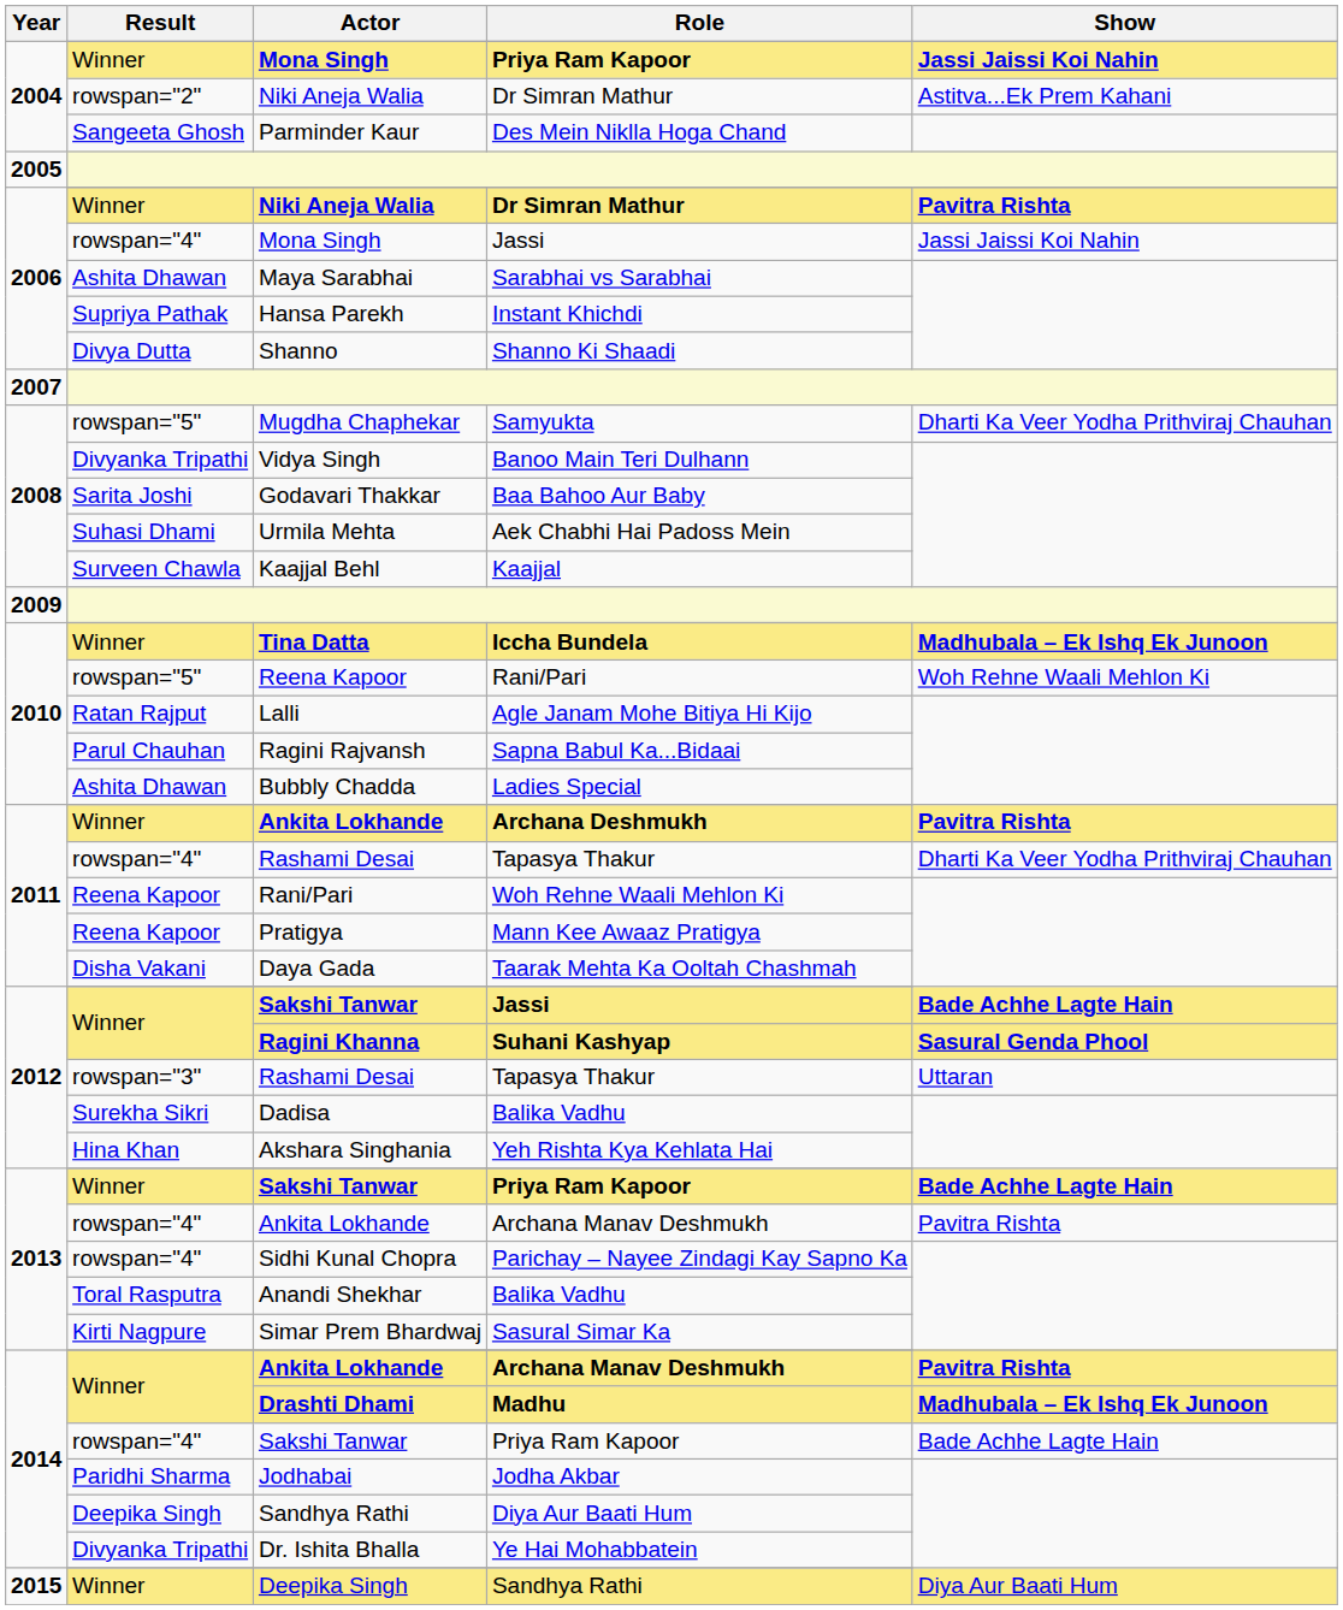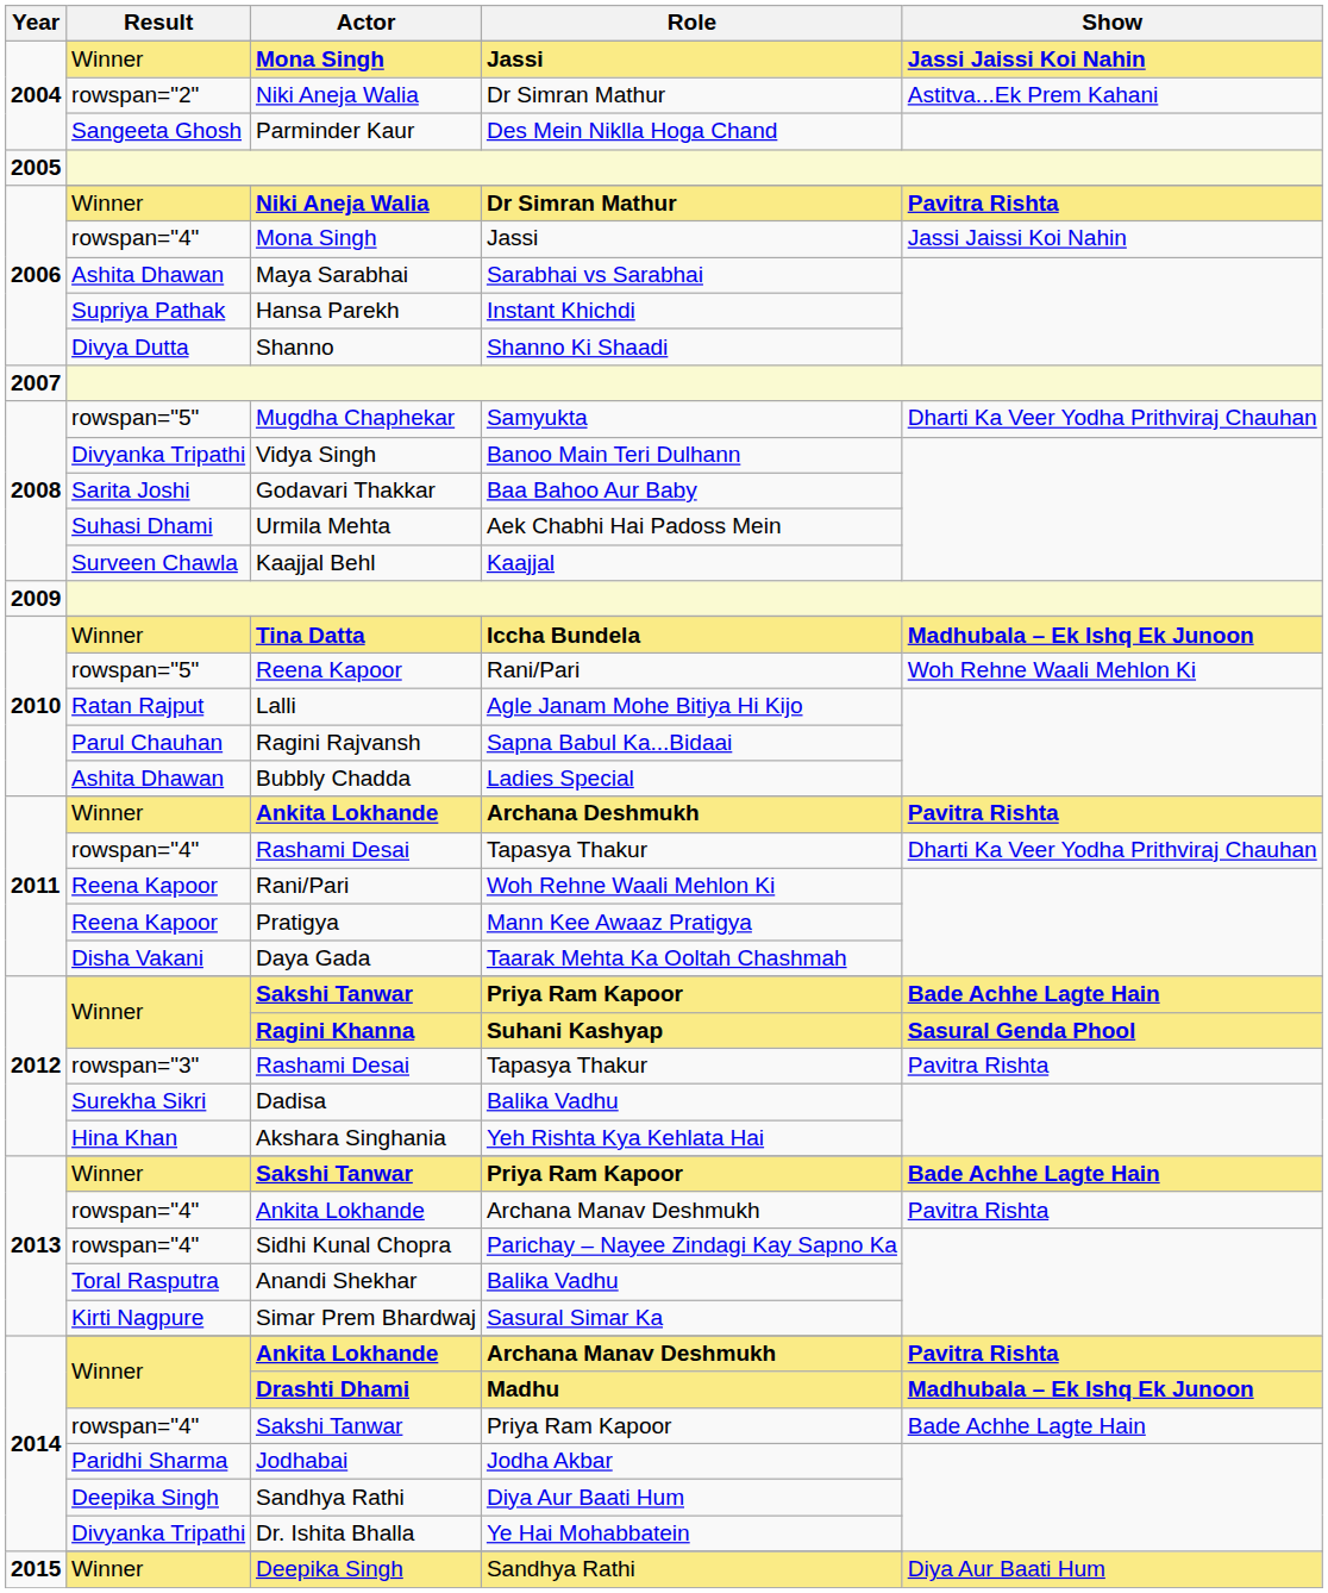 <table class="wikitable">
 <tr>
 <th>Year</th>
 <th>Result</th>
 <th>Actor</th>
 <th>Role</th>
 <th>Show</th>
 </tr>
 <tr>
 <td rowspan="4"><strong>2004</strong></td>
 </tr>
 <tr style="background:#FAEB86">
 <td>Winner</td>
 <td><strong><a href='#'>Mona Singh</a></strong></td>
-<td><strong>Priya Ram Kapoor</strong></td>
+<td><strong>Jassi</strong></td>
 <td><strong><a href='#'>Jassi Jaissi Koi Nahin</a></strong></td>
 </tr>
 <tr>
 <td>rowspan="2" </td>
 <td><a href='#'>Niki Aneja Walia</a></td>
 <td>Dr Simran Mathur</td>
 <td><a href='#'>Astitva...Ek Prem Kahani</a></td>
 </tr>
 <tr>
 <td><a href='#'>Sangeeta Ghosh</a></td>
 <td>Parminder Kaur</td>
 <td><a href='#'>Des Mein Niklla Hoga Chand</a></td>
 </tr>
 <tr>
 <td><strong>2005</strong></td>
 <td colspan="4" style="background:#FAFAD2"></td>
 </tr>
 <tr>
 <td rowspan="6"><strong>2006</strong></td>
 </tr>
 <tr style="background:#FAEB86">
 <td>Winner</td>
 <td><strong><a href='#'>Niki Aneja Walia</a></strong></td>
 <td><strong>Dr Simran Mathur</strong></td>
 <td><strong><a href='#'>Pavitra Rishta</a></strong></td>
 </tr>
 <tr>
 <td>rowspan="4" </td>
 <td><a href='#'>Mona Singh</a></td>
 <td>Jassi</td>
 <td><a href='#'>Jassi Jaissi Koi Nahin</a></td>
 </tr>
 <tr>
 <td><a href='#'>Ashita Dhawan</a></td>
 <td>Maya Sarabhai</td>
 <td><a href='#'>Sarabhai vs Sarabhai</a></td>
 </tr>
 <tr>
 <td><a href='#'>Supriya Pathak</a></td>
 <td>Hansa Parekh</td>
 <td><a href='#'>Instant Khichdi</a></td>
 </tr>
 <tr>
 <td><a href='#'>Divya Dutta</a></td>
 <td>Shanno</td>
 <td><a href='#'>Shanno Ki Shaadi</a></td>
 </tr>
 <tr>
 <td><strong>2007</strong></td>
 <td colspan="4" style="background:#FAFAD2"></td>
 </tr>
 <tr>
 <td rowspan="5"><strong>2008</strong></td>
 <td>rowspan="5" </td>
 <td><a href='#'>Mugdha Chaphekar</a></td>
 <td><a href='#'>Samyukta</a></td>
 <td><a href='#'>Dharti Ka Veer Yodha Prithviraj Chauhan</a></td>
 </tr>
 <tr>
 <td><a href='#'>Divyanka Tripathi</a></td>
 <td>Vidya Singh</td>
 <td><a href='#'>Banoo Main Teri Dulhann</a></td>
 </tr>
 <tr>
 <td><a href='#'>Sarita Joshi</a></td>
 <td>Godavari Thakkar</td>
 <td><a href='#'>Baa Bahoo Aur Baby</a></td>
 </tr>
 <tr>
 <td><a href='#'>Suhasi Dhami</a></td>
 <td>Urmila Mehta</td>
 <td>Aek Chabhi Hai Padoss Mein</td>
 </tr>
 <tr>
 <td><a href='#'>Surveen Chawla</a></td>
 <td>Kaajjal Behl</td>
 <td><a href='#'>Kaajjal</a></td>
 </tr>
 <tr>
 <td><strong>2009</strong></td>
 <td colspan="4" style="background:#FAFAD2"></td>
 </tr>
 <tr>
 <td rowspan="6"><strong>2010</strong></td>
 </tr>
 <tr style="background:#FAEB86">
 <td>Winner</td>
 <td><strong><a href='#'>Tina Datta</a></strong></td>
 <td><strong>Iccha Bundela</strong></td>
 <td><strong><a href='#'>Madhubala – Ek Ishq Ek Junoon</a></strong></td>
 </tr>
 <tr>
 <td>rowspan="5" </td>
 <td><a href='#'>Reena Kapoor</a></td>
 <td>Rani/Pari</td>
 <td><a href='#'>Woh Rehne Waali Mehlon Ki</a></td>
 </tr>
 <tr>
 <td><a href='#'>Ratan Rajput</a></td>
 <td>Lalli</td>
 <td><a href='#'>Agle Janam Mohe Bitiya Hi Kijo</a></td>
 </tr>
 <tr>
 <td><a href='#'>Parul Chauhan</a></td>
 <td>Ragini Rajvansh</td>
 <td><a href='#'>Sapna Babul Ka...Bidaai</a></td>
 </tr>
 <tr>
 <td><a href='#'>Ashita Dhawan</a></td>
 <td>Bubbly Chadda</td>
 <td><a href='#'>Ladies Special</a></td>
 </tr>
 <tr>
 <td rowspan="6"><strong>2011</strong></td>
 </tr>
 <tr style="background:#FAEB86">
 <td>Winner</td>
 <td><strong><a href='#'>Ankita Lokhande</a></strong></td>
 <td><strong>Archana Deshmukh</strong></td>
 <td><strong><a href='#'>Pavitra Rishta</a></strong></td>
 </tr>
 <tr>
 <td>rowspan="4" </td>
 <td><a href='#'>Rashami Desai</a></td>
 <td>Tapasya Thakur</td>
 <td><a href='#'>Dharti Ka Veer Yodha Prithviraj Chauhan</a></td>
 </tr>
 <tr>
 <td><a href='#'>Reena Kapoor</a></td>
 <td>Rani/Pari</td>
 <td><a href='#'>Woh Rehne Waali Mehlon Ki</a></td>
 </tr>
 <tr>
 <td><a href='#'>Reena Kapoor</a></td>
 <td>Pratigya</td>
 <td><a href='#'>Mann Kee Awaaz Pratigya</a></td>
 </tr>
 <tr>
 <td><a href='#'>Disha Vakani</a></td>
 <td>Daya Gada</td>
 <td><a href='#'>Taarak Mehta Ka Ooltah Chashmah</a></td>
 </tr>
 <tr>
 <td rowspan="6"><strong>2012</strong></td>
 </tr>
 <tr style="background:#FAEB86">
 <td rowspan="2">Winner</td>
 <td><strong><a href='#'>Sakshi Tanwar</a></strong></td>
-<td><strong>Jassi</strong></td>
+<td><strong>Priya Ram Kapoor</strong></td>
 <td><strong><a href='#'>Bade Achhe Lagte Hain</a></strong></td>
 </tr>
 <tr style="background:#FAEB86">
 <td><strong><a href='#'>Ragini Khanna</a></strong></td>
 <td><strong>Suhani Kashyap</strong></td>
 <td><strong><a href='#'>Sasural Genda Phool</a></strong></td>
 </tr>
 <tr>
 <td>rowspan="3" </td>
 <td><a href='#'>Rashami Desai</a></td>
 <td>Tapasya Thakur</td>
-<td><a href='#'>Uttaran</a></td>
+<td><a href='#'>Pavitra Rishta</a></td>
 </tr>
 <tr>
 <td><a href='#'>Surekha Sikri</a></td>
 <td>Dadisa</td>
 <td><a href='#'>Balika Vadhu</a></td>
 </tr>
 <tr>
 <td><a href='#'>Hina Khan</a></td>
 <td>Akshara Singhania</td>
 <td><a href='#'>Yeh Rishta Kya Kehlata Hai</a></td>
 </tr>
 <tr>
 <td rowspan="6"><strong>2013</strong></td>
 </tr>
 <tr style="background:#FAEB86">
 <td>Winner</td>
 <td><strong><a href='#'>Sakshi Tanwar</a></strong></td>
 <td><strong>Priya Ram Kapoor</strong></td>
 <td><strong><a href='#'>Bade Achhe Lagte Hain</a></strong></td>
 </tr>
 <tr>
 <td>rowspan="4" </td>
 <td><a href='#'>Ankita Lokhande</a></td>
 <td>Archana Manav Deshmukh</td>
 <td><a href='#'>Pavitra Rishta</a></td>
 </tr>
 <tr>
 <td>rowspan="4" </td>
 <td>Sidhi Kunal Chopra</td>
 <td><a href='#'>Parichay – Nayee Zindagi Kay Sapno Ka</a></td>
 </tr>
 <tr>
 <td><a href='#'>Toral Rasputra</a></td>
 <td>Anandi Shekhar</td>
 <td><a href='#'>Balika Vadhu</a></td>
 </tr>
 <tr>
 <td><a href='#'>Kirti Nagpure</a></td>
 <td>Simar Prem Bhardwaj</td>
 <td><a href='#'>Sasural Simar Ka</a></td>
 </tr>
 <tr>
 <td rowspan="7"><strong>2014</strong></td>
 </tr>
 <tr style="background:#FAEB86">
 <td rowspan="2">Winner</td>
 <td><strong><a href='#'>Ankita Lokhande</a></strong></td>
 <td><strong>Archana Manav Deshmukh</strong></td>
 <td><strong><a href='#'>Pavitra Rishta</a></strong></td>
 </tr>
 <tr style="background:#FAEB86">
 <td><strong><a href='#'>Drashti Dhami</a></strong></td>
 <td><strong>Madhu</strong></td>
 <td><strong><a href='#'>Madhubala – Ek Ishq Ek Junoon</a></strong></td>
 </tr>
 <tr>
 <td>rowspan="4" </td>
 <td><a href='#'>Sakshi Tanwar</a></td>
 <td>Priya Ram Kapoor</td>
 <td><a href='#'>Bade Achhe Lagte Hain</a></td>
 </tr>
 <tr>
 <td><a href='#'>Paridhi Sharma</a></td>
 <td><a href='#'>Jodhabai</a></td>
 <td><a href='#'>Jodha Akbar</a></td>
 </tr>
 <tr>
 <td><a href='#'>Deepika Singh</a></td>
 <td>Sandhya Rathi</td>
 <td><a href='#'>Diya Aur Baati Hum</a></td>
 </tr>
 <tr>
 <td><a href='#'>Divyanka Tripathi</a></td>
 <td>Dr. Ishita Bhalla</td>
 <td><a href='#'>Ye Hai Mohabbatein</a></td>
 </tr>
 <tr>
 <td rowspan="6"><strong>2015</strong></td>
 </tr>
 <tr style="background:#FAEB86">
 <td>Winner</td>
 <td><a href='#'>Deepika Singh</a></td>
 <td>Sandhya Rathi</td>
 <td><a href='#'>Diya Aur Baati Hum</a></td>
 </tr>
 <tr>
 </tr>
 </table>
